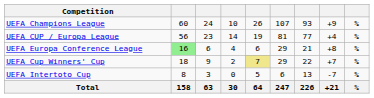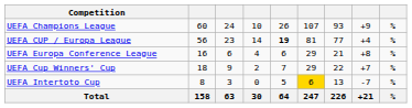 <table class="wikitable" style="text-align: center;">
 <tr>
 <th width="272">Competition</th>
 <th width="35"></th>
 <th width="35"></th>
 <th width="35"></th>
 <th width="35"></th>
 <th width="35"></th>
 <th width="35"></th>
 <th width="35"></th>
 <th width="35"></th>
 </tr>
 <tr>
 <td align=left><a href='#'>UEFA Champions League</a></td>
 <td>60</td>
 <td>24</td>
 <td>10</td>
 <td>26</td>
 <td>107</td>
 <td>93</td>
 <td>+9</td>
 <td><strong>%</strong></td>
 </tr>
 <tr>
 <td align=left><a href='#'>UEFA CUP / Europa League</a></td>
 <td>56</td>
 <td>23</td>
 <td>14</td>
-<td>19</td>
+<td><strong>19</strong></td>
 <td>81</td>
 <td>77</td>
 <td>+4</td>
 <td><strong>%</strong></td>
 </tr>
 <tr>
 <td align=left><a href='#'>UEFA Europa Conference League</a></td>
-<td style="background: lightgreen;">16</td>
+<td>16</td>
 <td>6</td>
 <td>4</td>
 <td>6</td>
 <td>29</td>
 <td>21</td>
 <td>+8</td>
 <td><strong>%</strong></td>
 </tr>
 <tr>
 <td align=left><a href='#'>UEFA Cup Winners' Cup</a></td>
 <td>18</td>
 <td>9</td>
 <td>2</td>
-<td style="background: khaki;">7</td>
+<td>7</td>
 <td>29</td>
 <td>22</td>
 <td>+7</td>
 <td><strong>%</strong></td>
 </tr>
 <tr>
 <td align=left><a href='#'>UEFA Intertoto Cup</a></td>
 <td>8</td>
 <td>3</td>
 <td>0</td>
 <td>5</td>
-<td>6</td>
+<td style="background: gold;">6</td>
 <td>13</td>
 <td>-7</td>
 <td><strong>%</strong></td>
 </tr>
 <tr class="sortbottom">
 <th>Total</th>
 <th>158</th>
 <th>63</th>
 <th>30</th>
 <th>64</th>
 <th>247</th>
 <th>226</th>
 <th>+21</th>
 <th><strong>%</strong></th>
 </tr>
 </table>
